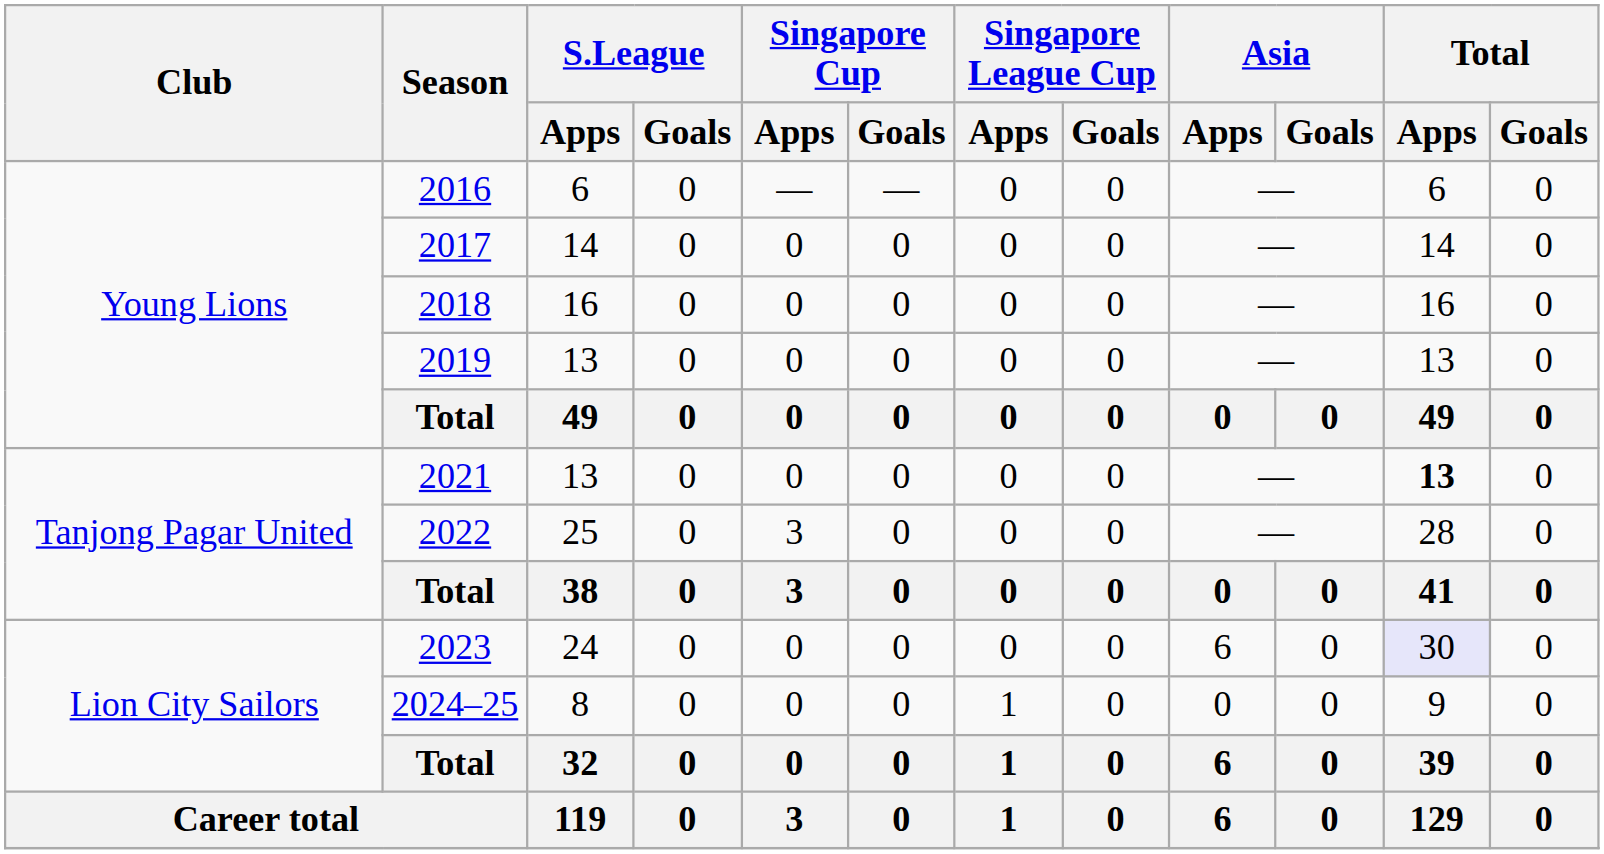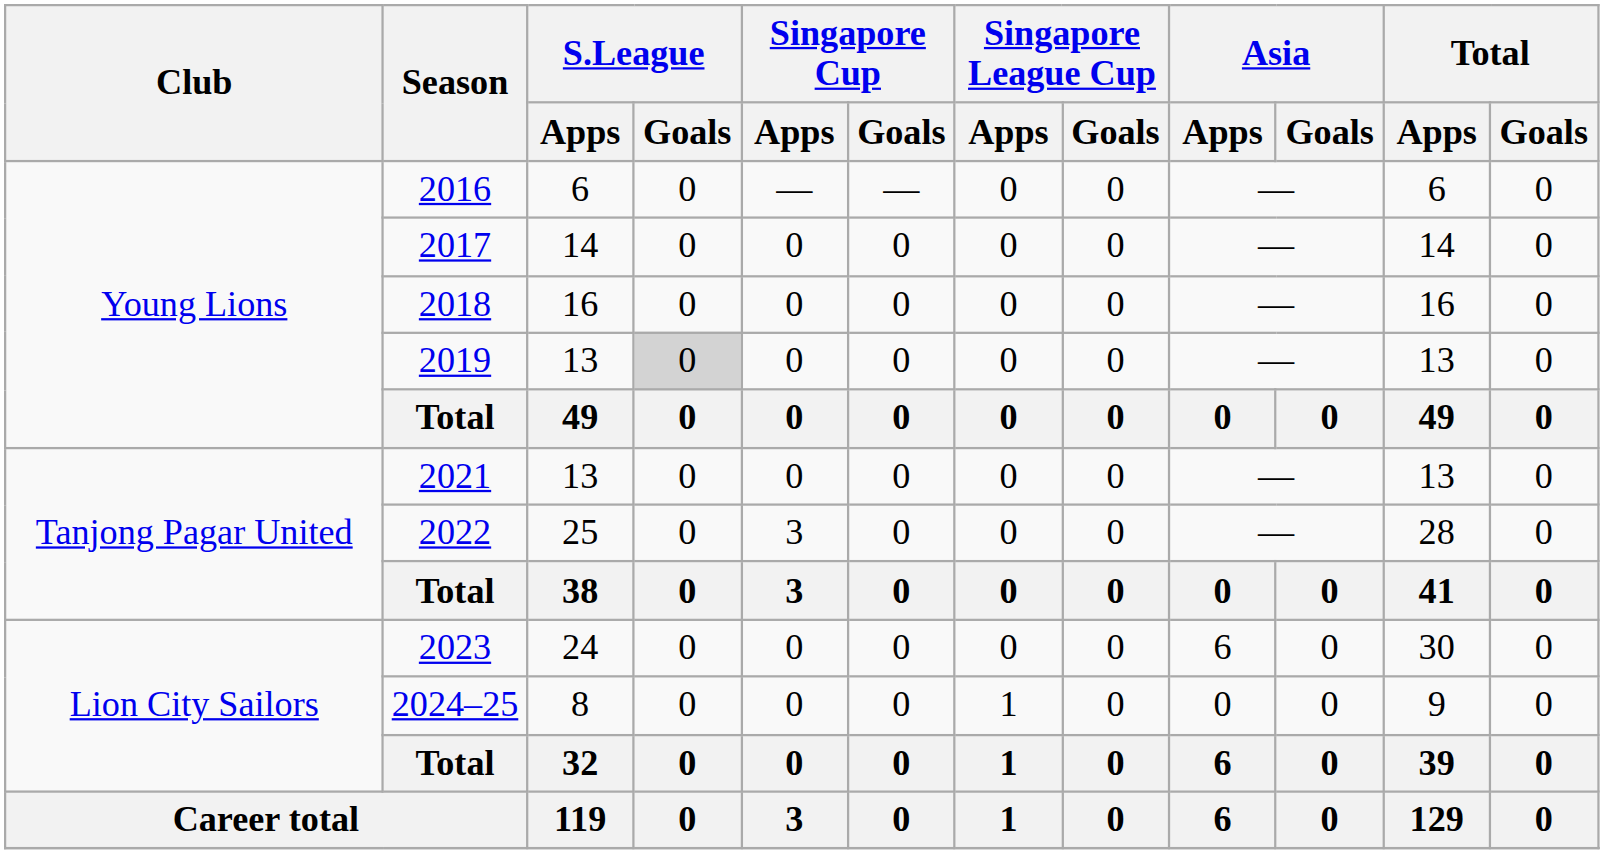 <table class="wikitable" style="text-align:center">
 <tr>
 <th rowspan=2 width=160>Club</th>
 <th rowspan=2>Season</th>
 <th colspan=2><a href='#'>S.League</a></th>
 <th colspan=2><a href='#'>Singapore Cup</a></th>
 <th colspan=2><a href='#'>Singapore League Cup</a></th>
 <th colspan="2"><a href='#'>Asia</a></th>
 <th colspan=2>Total</th>
 </tr>
 <tr>
 <th width=40>Apps</th>
 <th width=40>Goals</th>
 <th width=40>Apps</th>
 <th width=40>Goals</th>
 <th width=40>Apps</th>
 <th width=40>Goals</th>
 <th width=40>Apps</th>
 <th width=40>Goals</th>
 <th width=40>Apps</th>
 <th width=40>Goals</th>
 </tr>
 <tr>
 <td rowspan=5><a href='#'>Young Lions</a></td>
 <td><a href='#'>2016</a></td>
 <td>6</td>
 <td>0</td>
 <td>—</td>
 <td>—</td>
 <td>0</td>
 <td>0</td>
 <td colspan='2'>—</td>
 <td>6</td>
 <td>0</td>
 </tr>
 <tr>
 <td><a href='#'>2017</a></td>
 <td>14</td>
 <td>0</td>
 <td>0</td>
 <td>0</td>
 <td>0</td>
 <td>0</td>
 <td colspan='2'>—</td>
 <td>14</td>
 <td>0</td>
 </tr>
 <tr>
 <td><a href='#'>2018</a></td>
 <td>16</td>
 <td>0</td>
 <td>0</td>
 <td>0</td>
 <td>0</td>
 <td>0</td>
 <td colspan='2'>—</td>
 <td>16</td>
 <td>0</td>
 </tr>
 <tr>
 <td><a href='#'>2019</a></td>
 <td>13</td>
-<td>0</td>
+<td style="background: lightgrey;">0</td>
 <td>0</td>
 <td>0</td>
 <td>0</td>
 <td>0</td>
 <td colspan='2'>—</td>
 <td>13</td>
 <td>0</td>
 </tr>
 <tr>
 <th>Total</th>
 <th>49</th>
 <th>0</th>
 <th>0</th>
 <th>0</th>
 <th>0</th>
 <th>0</th>
 <th>0</th>
 <th>0</th>
 <th>49</th>
 <th>0</th>
 </tr>
 <tr>
 <td rowspan=3><a href='#'>Tanjong Pagar United</a></td>
 <td><a href='#'>2021</a></td>
 <td>13</td>
 <td>0</td>
 <td>0</td>
 <td>0</td>
 <td>0</td>
 <td>0</td>
 <td colspan='2'>—</td>
-<td><strong>13</strong></td>
+<td>13</td>
 <td>0</td>
 </tr>
 <tr>
 <td><a href='#'>2022</a></td>
 <td>25</td>
 <td>0</td>
 <td>3</td>
 <td>0</td>
 <td>0</td>
 <td>0</td>
 <td colspan='2'>—</td>
 <td>28</td>
 <td>0</td>
 </tr>
 <tr>
 <th>Total</th>
 <th>38</th>
 <th>0</th>
 <th>3</th>
 <th>0</th>
 <th>0</th>
 <th>0</th>
 <th>0</th>
 <th>0</th>
 <th>41</th>
 <th>0</th>
 </tr>
 <tr>
 <td rowspan="3"><a href='#'>Lion City Sailors</a></td>
 <td><a href='#'>2023</a></td>
 <td>24</td>
 <td>0</td>
 <td>0</td>
 <td>0</td>
 <td>0</td>
 <td>0</td>
 <td>6</td>
 <td>0</td>
-<td style="background: lavender;">30</td>
+<td>30</td>
 <td>0</td>
 </tr>
 <tr>
 <td><a href='#'>2024–25</a></td>
 <td>8</td>
 <td>0</td>
 <td>0</td>
 <td>0</td>
 <td>1</td>
 <td>0</td>
 <td>0</td>
 <td>0</td>
 <td>9</td>
 <td>0</td>
 </tr>
 <tr>
 <th>Total</th>
 <th>32</th>
 <th>0</th>
 <th>0</th>
 <th>0</th>
 <th>1</th>
 <th>0</th>
 <th>6</th>
 <th>0</th>
 <th>39</th>
 <th>0</th>
 </tr>
 <tr>
 <th colspan="2">Career total</th>
 <th>119</th>
 <th>0</th>
 <th>3</th>
 <th>0</th>
 <th>1</th>
 <th>0</th>
 <th>6</th>
 <th>0</th>
 <th>129</th>
 <th>0</th>
 </tr>
 <tr>
 </tr>
 </table>
